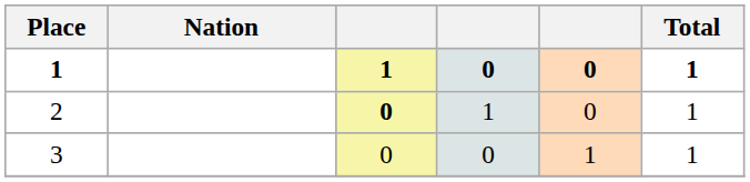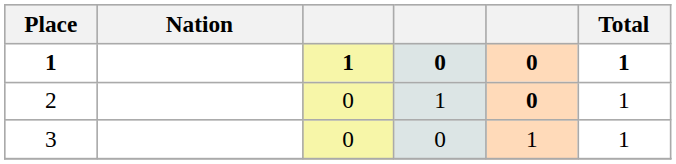 <table class=wikitable style="border:1px solid #AAAAAA;font-size:90%">
 <tr bgcolor="#EFEFEF">
 <th width=50>Place</th>
 <th width=120>Nation</th>
 <th width=50></th>
 <th width=50></th>
 <th width=50></th>
 <th width=50>Total</th>
 </tr>
 <tr align="center" valign="top" bgcolor="#FFFFFF" style="font-weight: bold">
 <td>1</td>
 <td align="left"></td>
 <td style="background:#F7F6A8;">1</td>
 <td style="background:#DCE5E5;">0</td>
 <td style="background:#FFDAB9;">0</td>
 <td>1</td>
 </tr>
 <tr align="center" valign="top" bgcolor="#FFFFFF">
 <td>2</td>
 <td align="left"></td>
-<td style="background:#F7F6A8;"><strong>0</strong></td>
+<td style="background:#F7F6A8;">0</td>
 <td style="background:#DCE5E5;">1</td>
-<td style="background:#FFDAB9;">0</td>
+<td style="background:#FFDAB9;"><strong>0</strong></td>
 <td>1</td>
 </tr>
 <tr align="center" valign="top" bgcolor="#FFFFFF">
 <td>3</td>
 <td align="left"></td>
 <td style="background:#F7F6A8;">0</td>
 <td style="background:#DCE5E5;">0</td>
 <td style="background:#FFDAB9;">1</td>
 <td>1</td>
 </tr>
 <tr>
 </tr>
 </table>
